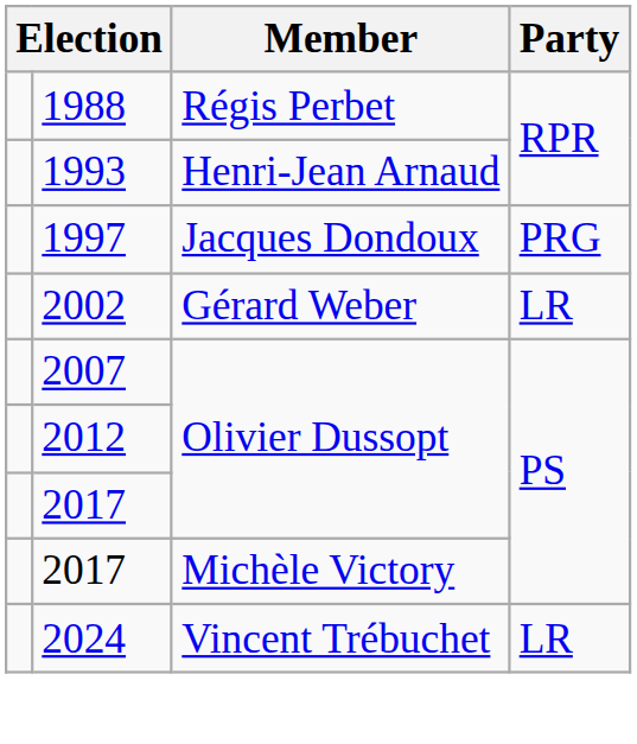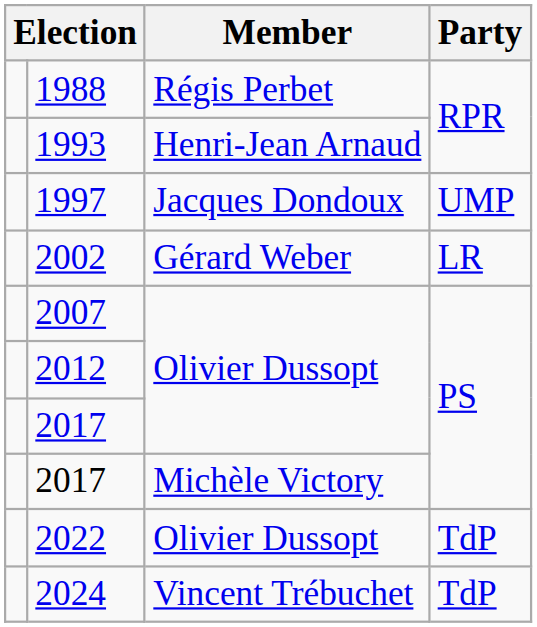 <table class="wikitable">
 <tr>
 <th colspan="2">Election</th>
 <th>Member</th>
 <th>Party</th>
 </tr>
 <tr>
 <td style="color:inherit;background-color: "></td>
 <td><a href='#'>1988</a></td>
 <td><a href='#'>Régis Perbet</a></td>
 <td rowspan="2"><a href='#'>RPR</a></td>
 </tr>
 <tr>
 <td style="color:inherit;background-color: "></td>
 <td><a href='#'>1993</a></td>
 <td><a href='#'>Henri-Jean Arnaud</a></td>
 </tr>
 <tr>
 <td style="color:inherit;background-color: "></td>
 <td><a href='#'>1997</a></td>
 <td><a href='#'>Jacques Dondoux</a></td>
-<td><a href='#'>PRG</a></td>
+<td><a href='#'>UMP</a></td>
 </tr>
 <tr>
 <td style="color:inherit;background-color: "></td>
 <td><a href='#'>2002</a></td>
 <td><a href='#'>Gérard Weber</a></td>
 <td><a href='#'>LR</a></td>
 </tr>
 <tr>
 <td style="color:inherit;background-color: "></td>
 <td><a href='#'>2007</a></td>
 <td rowspan=3><a href='#'>Olivier Dussopt</a></td>
 <td rowspan="4"><a href='#'>PS</a></td>
 </tr>
 <tr>
 <td style="color:inherit;background-color: "></td>
 <td><a href='#'>2012</a></td>
 </tr>
 <tr>
 <td style="color:inherit;background-color: "></td>
 <td><a href='#'>2017</a></td>
 </tr>
 <tr>
 <td style="color:inherit;background-color: "></td>
 <td>2017</td>
 <td><a href='#'>Michèle Victory</a></td>
 </tr>
 <tr>
 <td style="color:inherit;background-color: "></td>
+<td><a href='#'>2022</a></td>
+<td><a href='#'>Olivier Dussopt</a></td>
+<td><a href='#'>TdP</a></td>
+</tr>
+<tr>
+<td style="color:inherit;background-color: "></td>
 <td><a href='#'>2024</a></td>
 <td><a href='#'>Vincent Trébuchet</a></td>
-<td><a href='#'>LR</a></td>
+<td><a href='#'>TdP</a></td>
 </tr>
 </table>
